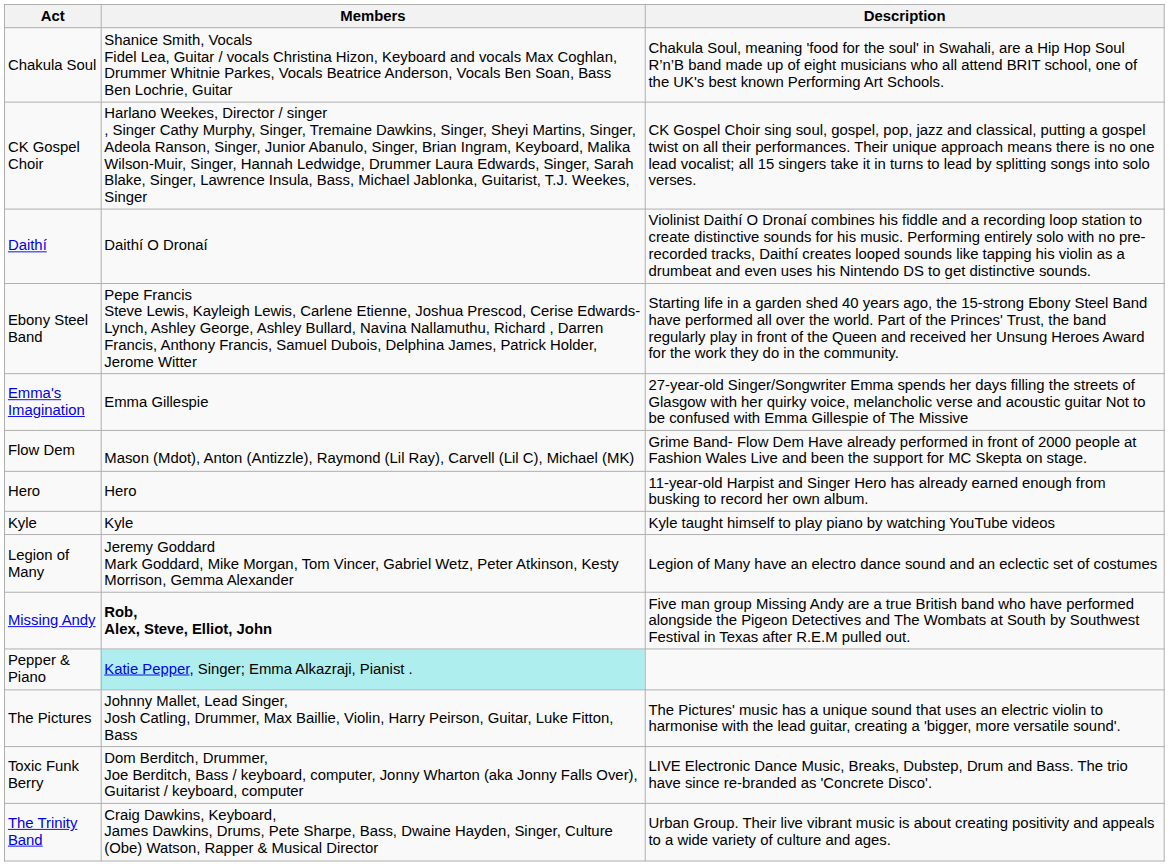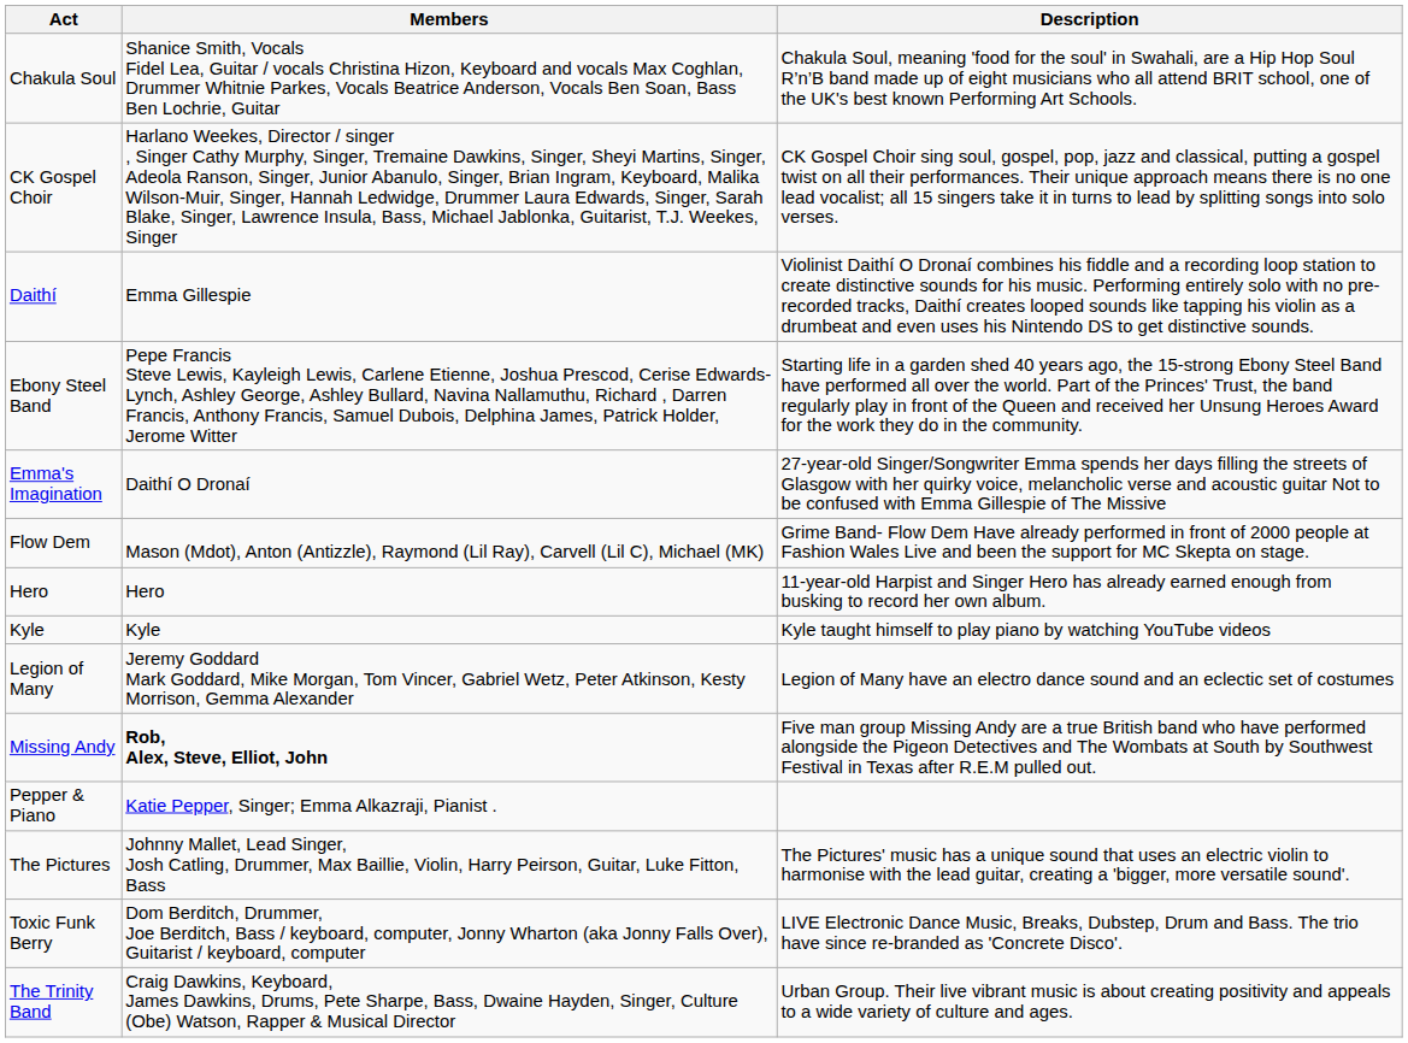 <table class="wikitable">
 <tr>
 <th>Act</th>
 <th>Members</th>
 <th>Description</th>
 </tr>
 <tr>
 <td>Chakula Soul</td>
 <td>Shanice Smith, Vocals<br>Fidel Lea, Guitar / vocals Christina Hizon, Keyboard and vocals Max Coghlan, Drummer Whitnie Parkes, Vocals Beatrice Anderson, Vocals Ben Soan, Bass Ben Lochrie, Guitar</td>
 <td>Chakula Soul, meaning 'food for the soul' in Swahali, are a Hip Hop Soul R’n’B band made up of eight musicians who all attend BRIT school, one of the UK's best known Performing Art Schools.</td>
 </tr>
 <tr>
 <td>CK Gospel Choir</td>
 <td>Harlano Weekes, Director / singer<br>, Singer Cathy Murphy, Singer, Tremaine Dawkins, Singer, Sheyi Martins, Singer, Adeola Ranson, Singer, Junior Abanulo, Singer, Brian Ingram, Keyboard, Malika Wilson-Muir, Singer, Hannah Ledwidge, Drummer Laura Edwards, Singer, Sarah Blake, Singer, Lawrence Insula, Bass, Michael Jablonka, Guitarist, T.J. Weekes, Singer</td>
 <td>CK Gospel Choir sing soul, gospel, pop, jazz and classical, putting a gospel twist on all their performances. Their unique approach means there is no one lead vocalist; all 15 singers take it in turns to lead by splitting songs into solo verses.</td>
 </tr>
 <tr>
 <td><a href='#'>Daithí</a></td>
-<td>Daithí O Dronaí</td>
+<td>Emma Gillespie</td>
 <td>Violinist Daithí O Dronaí combines his fiddle and a recording loop station to create distinctive sounds for his music. Performing entirely solo with no pre-recorded tracks, Daithí creates looped sounds like tapping his violin as a drumbeat and even uses his Nintendo DS to get distinctive sounds.</td>
 </tr>
 <tr>
 <td>Ebony Steel Band</td>
 <td>Pepe Francis<br>Steve Lewis, Kayleigh Lewis, Carlene Etienne, Joshua Prescod, Cerise Edwards-Lynch, Ashley George, Ashley Bullard, Navina Nallamuthu, Richard , Darren Francis, Anthony Francis, Samuel Dubois, Delphina James, Patrick Holder, Jerome Witter</td>
 <td>Starting life in a garden shed 40 years ago, the 15-strong Ebony Steel Band have performed all over the world. Part of the Princes' Trust, the band regularly play in front of the Queen and received her Unsung Heroes Award for the work they do in the community.</td>
 </tr>
 <tr>
 <td><a href='#'>Emma's Imagination</a></td>
-<td>Emma Gillespie</td>
+<td>Daithí O Dronaí</td>
 <td>27-year-old Singer/Songwriter Emma spends her days filling the streets of Glasgow with her quirky voice, melancholic verse and acoustic guitar Not to be confused with Emma Gillespie of The Missive</td>
 </tr>
 <tr>
 <td>Flow Dem</td>
 <td><br>Mason (Mdot), Anton (Antizzle), Raymond (Lil Ray), Carvell (Lil C), Michael (MK)</td>
 <td>Grime Band- Flow Dem Have already performed in front of 2000 people at Fashion Wales Live and been the support for MC Skepta on stage.</td>
 </tr>
 <tr>
 <td>Hero</td>
 <td>Hero</td>
 <td>11-year-old Harpist and Singer Hero has already earned enough from busking to record her own album.</td>
 </tr>
 <tr>
 <td>Kyle</td>
 <td>Kyle</td>
 <td>Kyle taught himself to play piano by watching YouTube videos</td>
 </tr>
 <tr>
 <td>Legion of Many</td>
 <td>Jeremy Goddard<br>Mark Goddard, Mike Morgan, Tom Vincer, Gabriel Wetz, Peter Atkinson, Kesty Morrison, Gemma Alexander</td>
 <td>Legion of Many have an electro dance sound and an eclectic set of costumes</td>
 </tr>
 <tr>
 <td><a href='#'>Missing Andy</a></td>
 <td><strong>Rob,<br>Alex, Steve, Elliot, John</strong></td>
 <td>Five man group Missing Andy are a true British band who have performed alongside the Pigeon Detectives and The Wombats at South by Southwest Festival in Texas after R.E.M pulled out.</td>
 </tr>
 <tr>
 <td>Pepper & Piano</td>
-<td style="background: paleturquoise;"><a href='#'>Katie Pepper</a>, Singer; Emma Alkazraji, Pianist .</td>
+<td><a href='#'>Katie Pepper</a>, Singer; Emma Alkazraji, Pianist .</td>
 <td></td>
 </tr>
 <tr>
 <td>The Pictures</td>
 <td>Johnny Mallet, Lead Singer,<br>Josh Catling, Drummer, Max Baillie, Violin, Harry Peirson, Guitar, Luke Fitton, Bass</td>
 <td>The Pictures' music has a unique sound that uses an electric violin to harmonise with the lead guitar, creating a 'bigger, more versatile sound'.</td>
 </tr>
 <tr>
 <td>Toxic Funk Berry</td>
 <td>Dom Berditch, Drummer,<br>Joe Berditch, Bass / keyboard, computer, Jonny Wharton (aka Jonny Falls Over), Guitarist / keyboard, computer</td>
 <td>LIVE Electronic Dance Music, Breaks, Dubstep, Drum and Bass. The trio have since re-branded as 'Concrete Disco'.</td>
 </tr>
 <tr>
 <td><a href='#'>The Trinity Band</a></td>
 <td>Craig Dawkins, Keyboard,<br>James Dawkins, Drums, Pete Sharpe, Bass, Dwaine Hayden, Singer, Culture (Obe) Watson, Rapper & Musical Director</td>
 <td>Urban Group. Their live vibrant music is about creating positivity and appeals to a wide variety of culture and ages.</td>
 </tr>
 </table>
